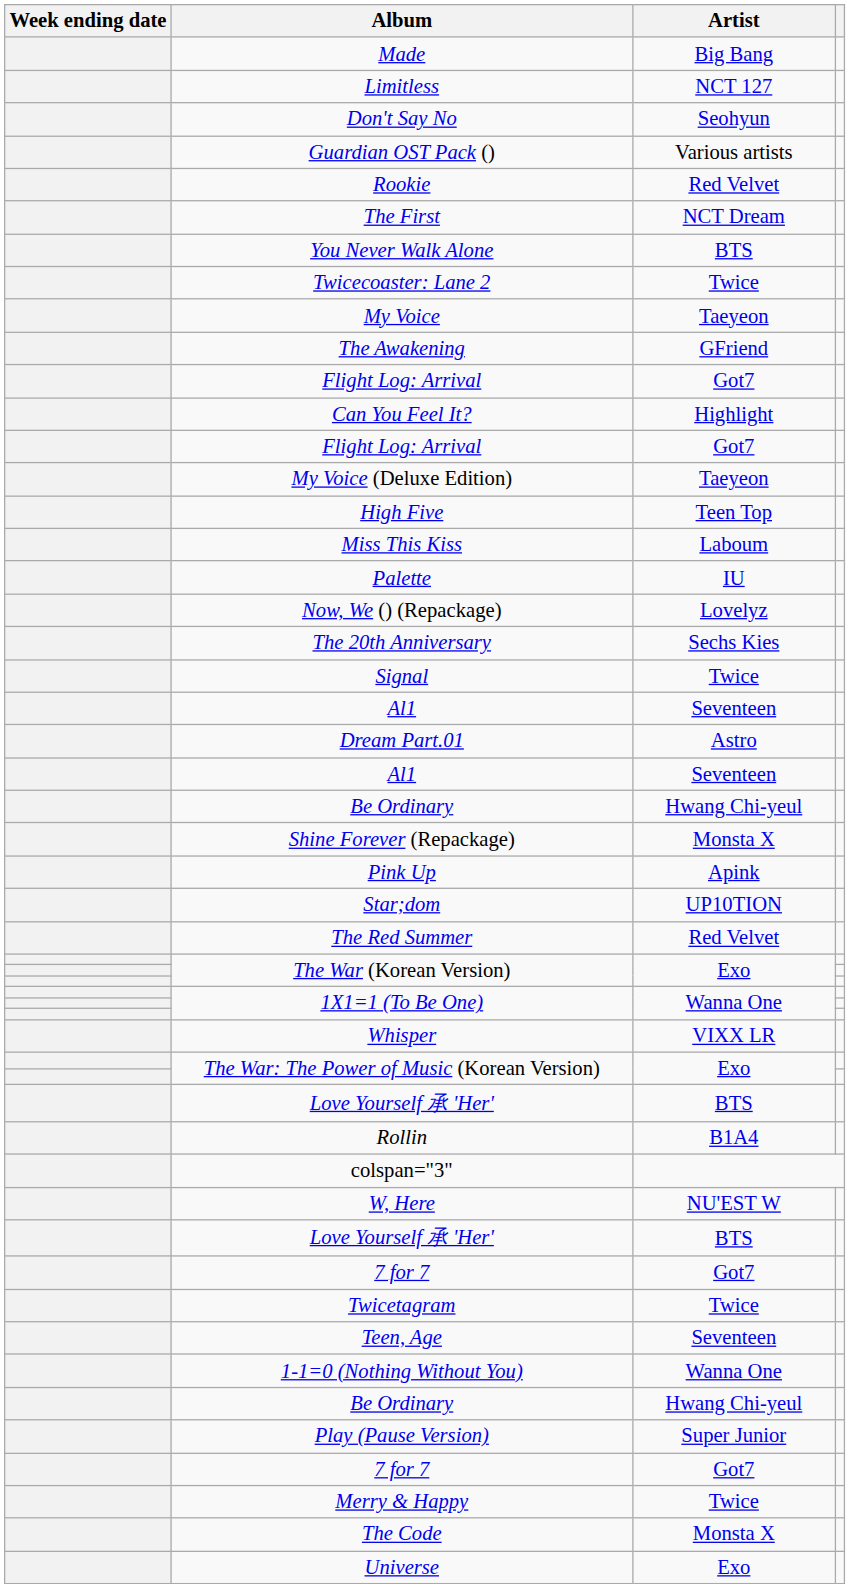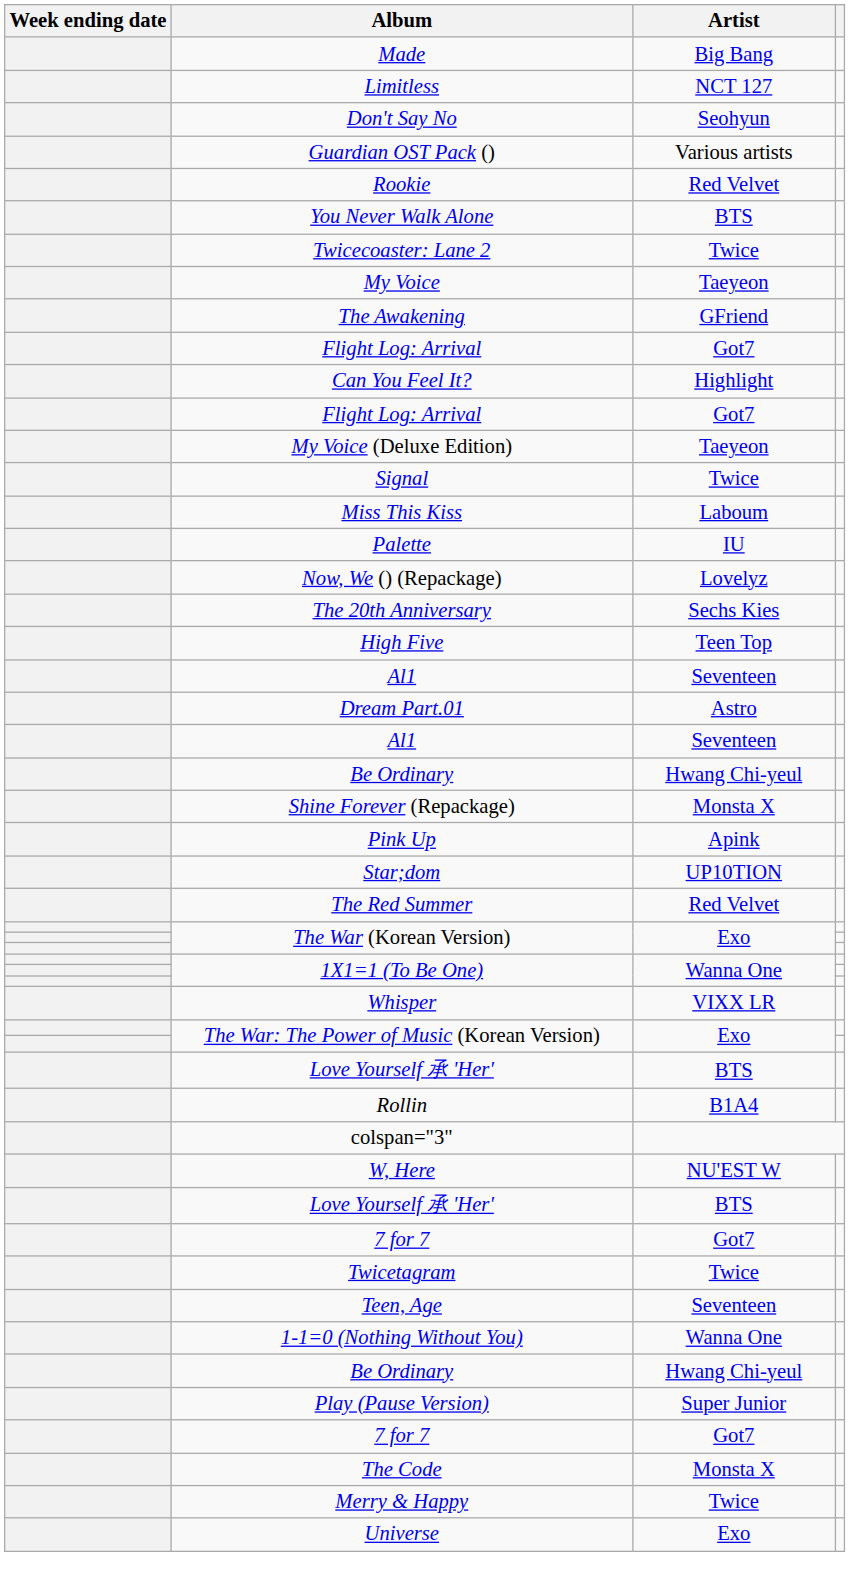 <table class="wikitable sortable plainrowheaders" style="text-align:center">
 <tr>
 <th scope="col">Week ending date</th>
 <th scope="col" width="350">Album</th>
 <th scope="col" width="150">Artist</th>
 <th scope="col" class="unsortable"></th>
 </tr>
 <tr>
 <th scope="row"></th>
 <td><em><a href='#'>Made</a></em></td>
 <td><a href='#'>Big Bang</a></td>
 <td></td>
 </tr>
 <tr>
 <th scope="row"></th>
 <td><em><a href='#'>Limitless</a></em></td>
 <td><a href='#'>NCT 127</a></td>
 <td></td>
 </tr>
 <tr>
 <th scope="row"></th>
 <td><em><a href='#'>Don't Say No</a></em></td>
 <td><a href='#'>Seohyun</a></td>
 <td></td>
 </tr>
 <tr>
 <th scope="row"></th>
 <td><em><a href='#'>Guardian OST Pack</a></em> ()</td>
 <td>Various artists</td>
 <td></td>
 </tr>
 <tr>
 <th scope="row"></th>
 <td><em><a href='#'>Rookie</a></em></td>
 <td><a href='#'>Red Velvet</a></td>
-<td></td>
-</tr>
-<tr>
-<th scope="row"></th>
-<td><em><a href='#'>The First</a></em></td>
-<td><a href='#'>NCT Dream</a></td>
 <td></td>
 </tr>
 <tr>
 <th scope="row"></th>
 <td><em><a href='#'>You Never Walk Alone</a></em></td>
 <td><a href='#'>BTS</a></td>
 <td></td>
 </tr>
 <tr>
 <th scope="row"></th>
 <td><em><a href='#'>Twicecoaster: Lane 2</a></em></td>
 <td><a href='#'>Twice</a></td>
 <td></td>
 </tr>
 <tr>
 <th scope="row"></th>
 <td><em><a href='#'>My Voice</a></em></td>
 <td><a href='#'>Taeyeon</a></td>
 <td></td>
 </tr>
 <tr>
 <th scope="row"></th>
 <td><em><a href='#'>The Awakening</a></em></td>
 <td><a href='#'>GFriend</a></td>
 <td></td>
 </tr>
 <tr>
 <th scope="row"></th>
 <td><em><a href='#'>Flight Log: Arrival</a></em></td>
 <td><a href='#'>Got7</a></td>
 <td></td>
 </tr>
 <tr>
 <th scope="row"></th>
 <td><em><a href='#'>Can You Feel It?</a></em></td>
 <td><a href='#'>Highlight</a></td>
 <td></td>
 </tr>
 <tr>
 <th scope="row"></th>
 <td><em><a href='#'>Flight Log: Arrival</a></em></td>
 <td><a href='#'>Got7</a></td>
 <td></td>
 </tr>
 <tr>
 <th scope="row"></th>
 <td><em><a href='#'>My Voice</a></em> (Deluxe Edition)</td>
 <td><a href='#'>Taeyeon</a></td>
 <td></td>
 </tr>
 <tr>
 <th scope="row"></th>
-<td><em><a href='#'>High Five</a></em></td>
-<td><a href='#'>Teen Top</a></td>
+<td><em><a href='#'>Signal</a></em></td>
+<td><a href='#'>Twice</a></td>
 <td></td>
 </tr>
 <tr>
 <th scope="row"></th>
 <td><em><a href='#'>Miss This Kiss</a></em></td>
 <td><a href='#'>Laboum</a></td>
 <td></td>
 </tr>
 <tr>
 <th scope="row"></th>
 <td><em><a href='#'>Palette</a></em></td>
 <td><a href='#'>IU</a></td>
 <td></td>
 </tr>
 <tr>
 <th scope="row"></th>
 <td><em><a href='#'>Now, We</a></em> () (Repackage)</td>
 <td><a href='#'>Lovelyz</a></td>
 <td></td>
 </tr>
 <tr>
 <th scope="row"></th>
 <td><em><a href='#'>The 20th Anniversary</a></em></td>
 <td><a href='#'>Sechs Kies</a></td>
 <td></td>
 </tr>
 <tr>
 <th scope="row"></th>
-<td><em><a href='#'>Signal</a></em></td>
-<td><a href='#'>Twice</a></td>
+<td><em><a href='#'>High Five</a></em></td>
+<td><a href='#'>Teen Top</a></td>
 <td></td>
 </tr>
 <tr>
 <th scope="row"></th>
 <td><em><a href='#'>Al1</a></em></td>
 <td><a href='#'>Seventeen</a></td>
 <td></td>
 </tr>
 <tr>
 <th scope="row"></th>
 <td><em><a href='#'>Dream Part.01</a></em></td>
 <td><a href='#'>Astro</a></td>
 <td></td>
 </tr>
 <tr>
 <th scope="row"></th>
 <td><em><a href='#'>Al1</a></em></td>
 <td><a href='#'>Seventeen</a></td>
 <td></td>
 </tr>
 <tr>
 <th scope="row"></th>
 <td><em><a href='#'>Be Ordinary</a></em></td>
 <td><a href='#'>Hwang Chi-yeul</a></td>
 <td></td>
 </tr>
 <tr>
 <th scope="row"></th>
 <td><em><a href='#'>Shine Forever</a></em> (Repackage)</td>
 <td><a href='#'>Monsta X</a></td>
 <td></td>
 </tr>
 <tr>
 <th scope="row"></th>
 <td><em><a href='#'>Pink Up</a></em></td>
 <td><a href='#'>Apink</a></td>
 <td></td>
 </tr>
 <tr>
 <th scope="row"></th>
 <td><em><a href='#'>Star;dom</a></em></td>
 <td><a href='#'>UP10TION</a></td>
 <td></td>
 </tr>
 <tr>
 <th scope="row"></th>
 <td><em><a href='#'>The Red Summer</a></em></td>
 <td><a href='#'>Red Velvet</a></td>
 <td></td>
 </tr>
 <tr>
 <th scope="row"></th>
 <td rowspan="3"><em><a href='#'>The War</a></em> (Korean Version)</td>
 <td rowspan="3"><a href='#'>Exo</a></td>
 <td></td>
 </tr>
 <tr>
 <th scope="row"></th>
 <td></td>
 </tr>
 <tr>
 <th scope="row"></th>
 <td></td>
 </tr>
 <tr>
 <th scope="row"></th>
 <td rowspan="3"><em><a href='#'>1X1=1 (To Be One)</a></em></td>
 <td rowspan="3"><a href='#'>Wanna One</a></td>
 <td></td>
 </tr>
 <tr>
 <th scope="row"></th>
 <td></td>
 </tr>
 <tr>
 <th scope="row"></th>
 <td></td>
 </tr>
 <tr>
 <th scope="row"></th>
 <td><em><a href='#'>Whisper</a></em></td>
 <td><a href='#'>VIXX LR</a></td>
 <td></td>
 </tr>
 <tr>
 <th scope="row"></th>
 <td rowspan="2"><em><a href='#'>The War: The Power of Music</a></em> (Korean Version)</td>
 <td rowspan="2"><a href='#'>Exo</a></td>
 <td></td>
 </tr>
 <tr>
 <th scope="row"></th>
 <td></td>
 </tr>
 <tr>
 <th scope="row"></th>
 <td><em><a href='#'>Love Yourself 承 'Her'</a></em></td>
 <td><a href='#'>BTS</a></td>
 <td></td>
 </tr>
 <tr>
 <th scope="row"></th>
 <td><em>Rollin</em></td>
 <td><a href='#'>B1A4</a></td>
 <td></td>
 </tr>
 <tr>
 <th scope="row"></th>
 <td>colspan="3" </td>
 </tr>
 <tr>
 <th scope="row"></th>
 <td><em><a href='#'>W, Here</a></em></td>
 <td><a href='#'>NU'EST W</a></td>
 <td></td>
 </tr>
 <tr>
 <th scope="row"></th>
 <td><em><a href='#'>Love Yourself 承 'Her'</a></em></td>
 <td><a href='#'>BTS</a></td>
 <td></td>
 </tr>
 <tr>
 <th scope="row"></th>
 <td><em><a href='#'>7 for 7</a></em></td>
 <td><a href='#'>Got7</a></td>
 <td></td>
 </tr>
 <tr>
 <th scope="row"></th>
 <td><em><a href='#'>Twicetagram</a></em></td>
 <td><a href='#'>Twice</a></td>
 <td></td>
 </tr>
 <tr>
 <th scope="row"></th>
 <td><em><a href='#'>Teen, Age</a></em></td>
 <td><a href='#'>Seventeen</a></td>
 <td></td>
 </tr>
 <tr>
 <th scope="row"></th>
 <td><em><a href='#'>1-1=0 (Nothing Without You)</a></em></td>
 <td><a href='#'>Wanna One</a></td>
 <td></td>
 </tr>
 <tr>
 <th scope="row"></th>
 <td><em><a href='#'>Be Ordinary</a></em></td>
 <td><a href='#'>Hwang Chi-yeul</a></td>
 <td></td>
 </tr>
 <tr>
 <th scope="row"></th>
 <td><em><a href='#'>Play (Pause Version)</a></em></td>
 <td><a href='#'>Super Junior</a></td>
 <td></td>
 </tr>
 <tr>
 <th scope="row"></th>
 <td><em><a href='#'>7 for 7</a></em></td>
 <td><a href='#'>Got7</a></td>
 <td></td>
 </tr>
 <tr>
 <th scope="row"></th>
-<td><em><a href='#'>Merry & Happy</a></em></td>
-<td><a href='#'>Twice</a></td>
+<td><em><a href='#'>The Code</a></em></td>
+<td><a href='#'>Monsta X</a></td>
 <td></td>
 </tr>
 <tr>
 <th scope="row"></th>
-<td><em><a href='#'>The Code</a></em></td>
-<td><a href='#'>Monsta X</a></td>
+<td><em><a href='#'>Merry & Happy</a></em></td>
+<td><a href='#'>Twice</a></td>
 <td></td>
 </tr>
 <tr>
 <th scope="row"></th>
 <td><em><a href='#'>Universe</a></em></td>
 <td><a href='#'>Exo</a></td>
 <td></td>
 </tr>
 </table>
